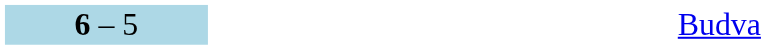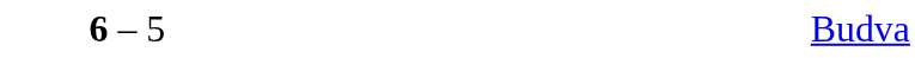 <table style="text-align:center">
 <tr>
 <th width=200></th>
 <th width=100></th>
 <th width=200></th>
 <th width=100></th>
 </tr>
 <tr>
 <td align=right><strong></strong></td>
-<td style="background: lightblue;"><strong>6</strong> – 5</td>
+<td><strong>6</strong> – 5</td>
 <td align=left></td>
 <td><a href='#'>Budva</a></td>
 </tr>
 </table>
